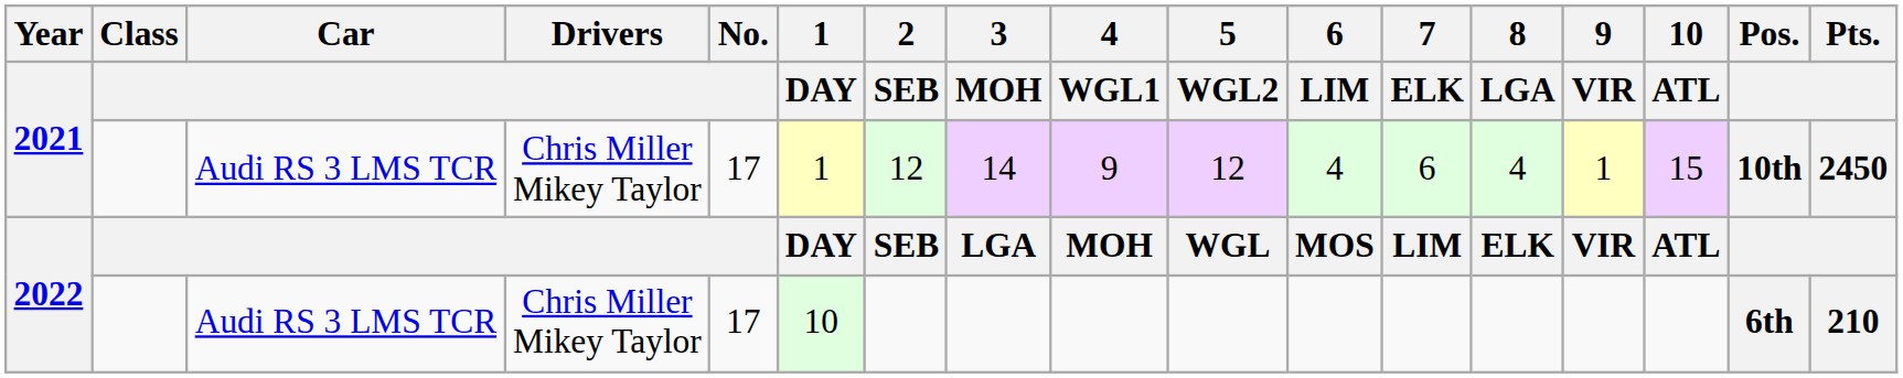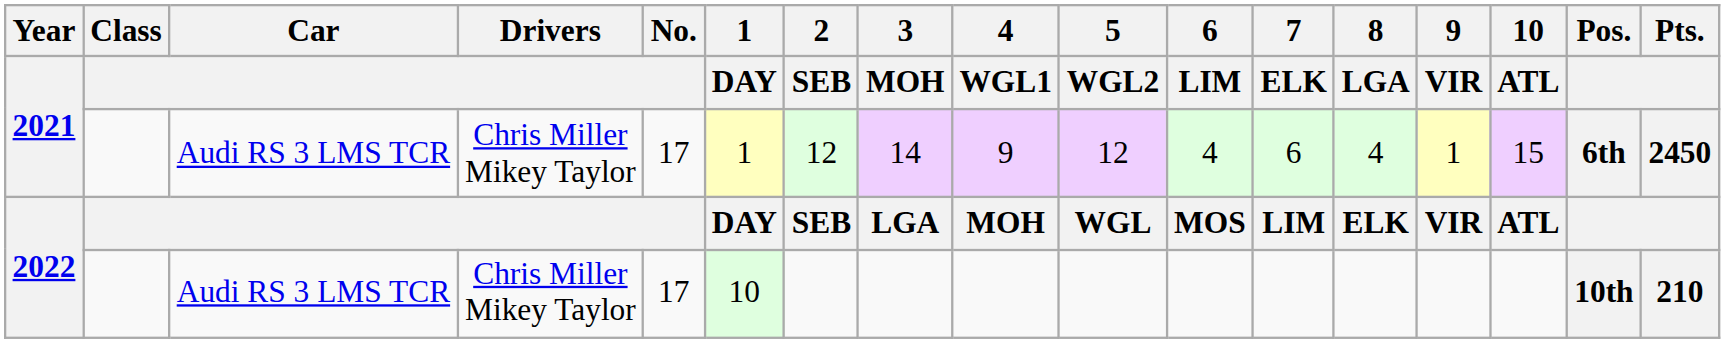 <table class="wikitable" style="text-align:center; font-size:85%">
 <tr>
 <th>Year</th>
 <th>Class</th>
 <th>Car</th>
 <th>Drivers</th>
 <th>No.</th>
 <th>1</th>
 <th>2</th>
 <th>3</th>
 <th>4</th>
 <th>5</th>
 <th>6</th>
 <th>7</th>
 <th>8</th>
 <th>9</th>
 <th>10</th>
 <th>Pos.</th>
 <th>Pts.</th>
 </tr>
 <tr>
 <th rowspan=2><a href='#'>2021</a></th>
 <th colspan=4> </th>
 <th>DAY</th>
 <th>SEB</th>
 <th>MOH</th>
 <th>WGL1</th>
 <th>WGL2</th>
 <th>LIM</th>
 <th>ELK</th>
 <th>LGA</th>
 <th>VIR</th>
 <th>ATL</th>
 <th colspan=99> </th>
 </tr>
 <tr>
 <td></td>
 <td><a href='#'>Audi RS 3 LMS TCR</a></td>
 <td> <a href='#'>Chris Miller</a> <br> Mikey Taylor</td>
 <td>17</td>
 <td style="background:#ffffbf;">1</td>
 <td style="background:#dfffdf;">12</td>
 <td style="background:#efcfff;">14</td>
 <td style="background:#efcfff;">9</td>
 <td style="background:#efcfff;">12</td>
 <td style="background:#dfffdf;">4</td>
 <td style="background:#dfffdf;">6</td>
 <td style="background:#dfffdf;">4</td>
 <td style="background:#ffffbf;">1</td>
 <td style="background:#efcfff;">15</td>
-<th>10th</th>
+<th>6th</th>
 <th>2450</th>
 </tr>
 <tr>
 <th rowspan=2><a href='#'>2022</a></th>
 <th colspan=4> </th>
 <th>DAY</th>
 <th>SEB</th>
 <th>LGA</th>
 <th>MOH</th>
 <th>WGL</th>
 <th>MOS</th>
 <th>LIM</th>
 <th>ELK</th>
 <th>VIR</th>
 <th>ATL</th>
 <th colspan=99> </th>
 </tr>
 <tr>
 <td></td>
 <td><a href='#'>Audi RS 3 LMS TCR</a></td>
 <td> <a href='#'>Chris Miller</a> <br> Mikey Taylor</td>
 <td>17</td>
 <td style="background:#dfffdf;">10</td>
 <td></td>
 <td></td>
 <td></td>
 <td></td>
 <td></td>
 <td></td>
 <td></td>
 <td></td>
 <td></td>
-<th>6th</th>
+<th>10th</th>
 <th>210</th>
 </tr>
 </table>
